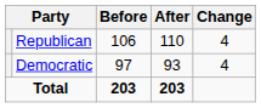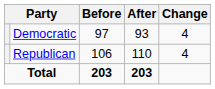 <table class="wikitable" style="text-align:center;">
 <tr>
 <th colspan="2">Party</th>
 <th>Before</th>
 <th>After</th>
 <th>Change</th>
 </tr>
 <tr>
 <th style="background-color:"></th>
-<td style="text-align:left;"><a href='#'>Republican</a></td>
-<td>106</td>
-<td>110</td>
+<td style="text-align:left;"><a href='#'>Democratic</a></td>
+<td>97</td>
+<td>93</td>
 <td> 4</td>
 </tr>
 <tr>
 <th style="background-color:"></th>
-<td style="text-align:left;"><a href='#'>Democratic</a></td>
-<td>97</td>
-<td>93</td>
+<td style="text-align:left;"><a href='#'>Republican</a></td>
+<td>106</td>
+<td>110</td>
 <td> 4</td>
 </tr>
 <tr>
 <td colspan="2"><strong>Total</strong></td>
 <td><strong>203</strong></td>
 <td><strong>203</strong></td>
 <td></td>
 </tr>
 </table>
